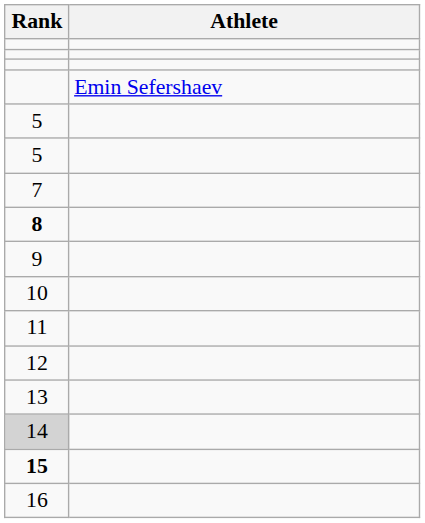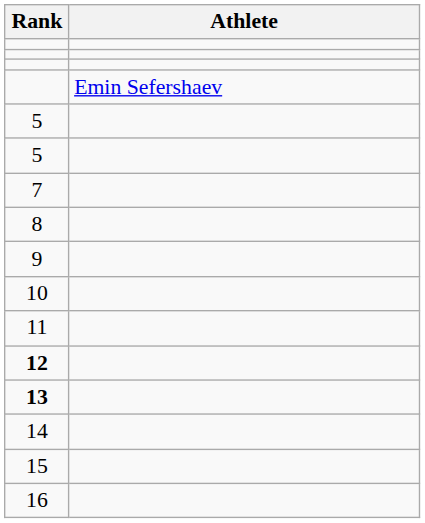 <table class="wikitable" style="text-align: center;">
 <tr>
 <th width=40>Rank</th>
 <th width=250>Athlete</th>
 </tr>
 <tr>
 <td></td>
 <td align="left"></td>
 </tr>
 <tr>
 <td></td>
 <td align="left"></td>
 </tr>
 <tr>
 <td></td>
 <td align="left"></td>
 </tr>
 <tr>
 <td></td>
 <td align="left"> <a href='#'>Emin Sefershaev</a> </td>
 </tr>
 <tr>
 <td>5</td>
 <td align="left"></td>
 </tr>
 <tr>
 <td>5</td>
 <td align="left"></td>
 </tr>
 <tr>
 <td>7</td>
 <td align="left"></td>
 </tr>
 <tr>
-<td><strong>8</strong></td>
+<td>8</td>
 <td align="left"></td>
 </tr>
 <tr>
 <td>9</td>
 <td align="left"></td>
 </tr>
 <tr>
 <td>10</td>
 <td align="left"></td>
 </tr>
 <tr>
 <td>11</td>
 <td align="left"></td>
 </tr>
 <tr>
-<td>12</td>
+<td><strong>12</strong></td>
 <td align="left"></td>
 </tr>
 <tr>
-<td>13</td>
+<td><strong>13</strong></td>
 <td align="left"></td>
 </tr>
 <tr>
-<td style="background: lightgrey;">14</td>
+<td>14</td>
 <td align="left"></td>
 </tr>
 <tr>
-<td><strong>15</strong></td>
+<td>15</td>
 <td align="left"></td>
 </tr>
 <tr>
 <td>16</td>
 <td align="left"></td>
 </tr>
 </table>
